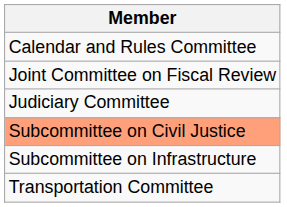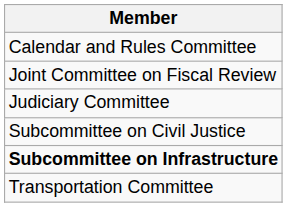 <table class="wikitable">
 <tr>
 <th>Member</th>
 </tr>
 <tr>
 <td>Calendar and Rules Committee</td>
 </tr>
 <tr>
 <td>Joint Committee on Fiscal Review</td>
 </tr>
 <tr>
 <td>Judiciary Committee</td>
 </tr>
 <tr>
-<td style="background: lightsalmon;">Subcommittee on Civil Justice</td>
+<td>Subcommittee on Civil Justice</td>
 </tr>
 <tr>
-<td>Subcommittee on Infrastructure</td>
+<td><strong>Subcommittee on Infrastructure</strong></td>
 </tr>
 <tr>
 <td>Transportation Committee</td>
 </tr>
 </table>
